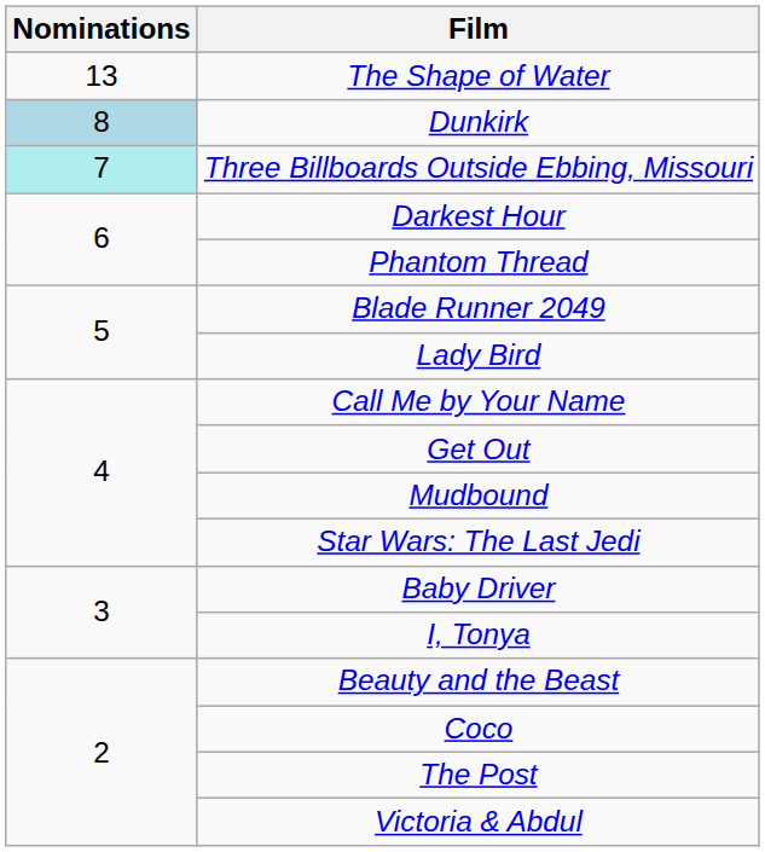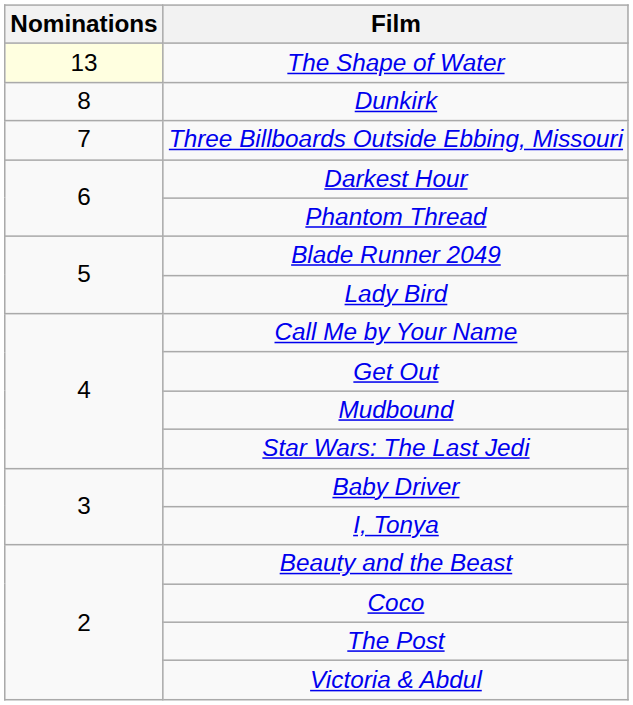 <table class="wikitable plainrowheaders" style="text-align: center; display:inline-table;">
 <tr>
 <th scope="col">Nominations</th>
 <th scope="col">Film</th>
 </tr>
 <tr>
-<td scope=row style="text-align:center">13</td>
+<td scope=row style="background: lightyellow; text-align:center">13</td>
 <td><em><a href='#'>The Shape of Water</a></em></td>
 </tr>
 <tr>
-<td scope=row style="background: lightblue; text-align:center">8</td>
+<td scope=row style="text-align:center">8</td>
 <td><em><a href='#'>Dunkirk</a></em></td>
 </tr>
 <tr>
-<td scope=row style="background: paleturquoise; text-align:center">7</td>
+<td scope=row style="text-align:center">7</td>
 <td><em><a href='#'>Three Billboards Outside Ebbing, Missouri</a></em></td>
 </tr>
 <tr>
 <td scope=row rowspan=2 style="text-align:center;">6</td>
 <td><em><a href='#'>Darkest Hour</a></em></td>
 </tr>
 <tr>
 <td><em><a href='#'>Phantom Thread</a></em></td>
 </tr>
 <tr>
 <td scope=row rowspan=2 style="text-align:center;">5</td>
 <td><em><a href='#'>Blade Runner 2049</a></em></td>
 </tr>
 <tr>
 <td><em><a href='#'>Lady Bird</a></em></td>
 </tr>
 <tr>
 <td scope=row rowspan=4 style="text-align:center;">4</td>
 <td><em><a href='#'>Call Me by Your Name</a></em></td>
 </tr>
 <tr>
 <td><em><a href='#'>Get Out</a></em></td>
 </tr>
 <tr>
 <td><em><a href='#'>Mudbound</a></em></td>
 </tr>
 <tr>
 <td><em><a href='#'>Star Wars: The Last Jedi</a></em></td>
 </tr>
 <tr>
 <td scope=row rowspan=2 style="text-align:center;">3</td>
 <td><em><a href='#'>Baby Driver</a></em></td>
 </tr>
 <tr>
 <td><em><a href='#'>I, Tonya</a></em></td>
 </tr>
 <tr>
 <td scope=row rowspan=4 style="text-align:center;">2</td>
 <td><em><a href='#'>Beauty and the Beast</a></em></td>
 </tr>
 <tr>
 <td><em><a href='#'>Coco</a></em></td>
 </tr>
 <tr>
 <td><em><a href='#'>The Post</a></em></td>
 </tr>
 <tr>
 <td><em><a href='#'>Victoria & Abdul</a></em></td>
 </tr>
 </table>
